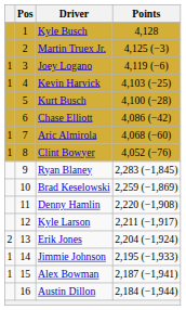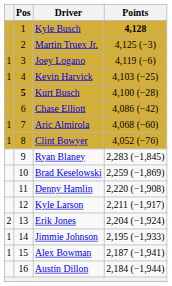 <table class="wikitable" style="font-size: 95%">
 <tr>
 <th></th>
 <th>Pos</th>
 <th>Driver</th>
 <th>Points</th>
 </tr>
 <tr style="background:#D4AF37;">
 <td align="left"></td>
 <td style="text-align:center;">1</td>
 <td><a href='#'>Kyle Busch</a></td>
-<td style="text-align:center;">4,128</td>
+<td style="text-align:center;"><strong>4,128</strong></td>
 </tr>
 <tr style="background:#D4AF37;">
 <td align="left"></td>
 <td style="text-align:center;">2</td>
 <td><a href='#'>Martin Truex Jr.</a></td>
 <td style="text-align:center;">4,125 (−3)</td>
 </tr>
 <tr style="background:#D4AF37;">
 <td align="left"> 1</td>
 <td style="text-align:center;">3</td>
 <td><a href='#'>Joey Logano</a></td>
 <td style="text-align:center;">4,119 (−6)</td>
 </tr>
 <tr style="background:#D4AF37;">
 <td align="left"> 1</td>
 <td style="text-align:center;">4</td>
 <td><a href='#'>Kevin Harvick</a></td>
 <td style="text-align:center;">4,103 (−25)</td>
 </tr>
 <tr style="background:#D4AF37;">
 <td align="left"></td>
-<td style="text-align:center;">5</td>
+<td style="text-align:center;"><strong>5</strong></td>
 <td><a href='#'>Kurt Busch</a></td>
 <td style="text-align:center;">4,100 (−28)</td>
 </tr>
 <tr style="background:#D4AF37;">
 <td align="left"></td>
 <td style="text-align:center;">6</td>
 <td><a href='#'>Chase Elliott</a></td>
 <td style="text-align:center;">4,086 (−42)</td>
 </tr>
 <tr style="background:#D4AF37;">
 <td align="left"> 1</td>
 <td style="text-align:center;">7</td>
 <td><a href='#'>Aric Almirola</a></td>
 <td style="text-align:center;">4,068 (−60)</td>
 </tr>
 <tr style="background:#D4AF37;">
 <td align="left"> 1</td>
 <td style="text-align:center;">8</td>
 <td><a href='#'>Clint Bowyer</a></td>
 <td style="text-align:center;">4,052 (−76)</td>
 </tr>
 <tr>
 <td align="left"></td>
 <td style="text-align:center;">9</td>
 <td><a href='#'>Ryan Blaney</a></td>
 <td style="text-align:center;">2,283 (−1,845)</td>
 </tr>
 <tr>
 <td align="left"></td>
 <td style="text-align:center;">10</td>
 <td><a href='#'>Brad Keselowski</a></td>
 <td style="text-align:center;">2,259 (−1,869)</td>
 </tr>
 <tr>
 <td align="left"></td>
 <td style="text-align:center;">11</td>
 <td><a href='#'>Denny Hamlin</a></td>
 <td style="text-align:center;">2,220 (−1,908)</td>
 </tr>
 <tr>
 <td align="left"></td>
 <td style="text-align:center;">12</td>
 <td><a href='#'>Kyle Larson</a></td>
 <td style="text-align:center;">2,211 (−1,917)</td>
 </tr>
 <tr>
 <td align="left"> 2</td>
 <td style="text-align:center;">13</td>
 <td><a href='#'>Erik Jones</a></td>
 <td style="text-align:center;">2,204 (−1,924)</td>
 </tr>
 <tr>
 <td align="left"> 1</td>
 <td style="text-align:center;">14</td>
 <td><a href='#'>Jimmie Johnson</a></td>
 <td style="text-align:center;">2,195 (−1,933)</td>
 </tr>
 <tr>
 <td align="left"> 1</td>
 <td style="text-align:center;">15</td>
 <td><a href='#'>Alex Bowman</a></td>
 <td style="text-align:center;">2,187 (−1,941)</td>
 </tr>
 <tr>
 <td align="left"></td>
 <td style="text-align:center;">16</td>
 <td><a href='#'>Austin Dillon</a></td>
 <td style="text-align:center;">2,184 (−1,944)</td>
 </tr>
 <tr class="sortbottom">
 <th colspan="9"></th>
 </tr>
 </table>
